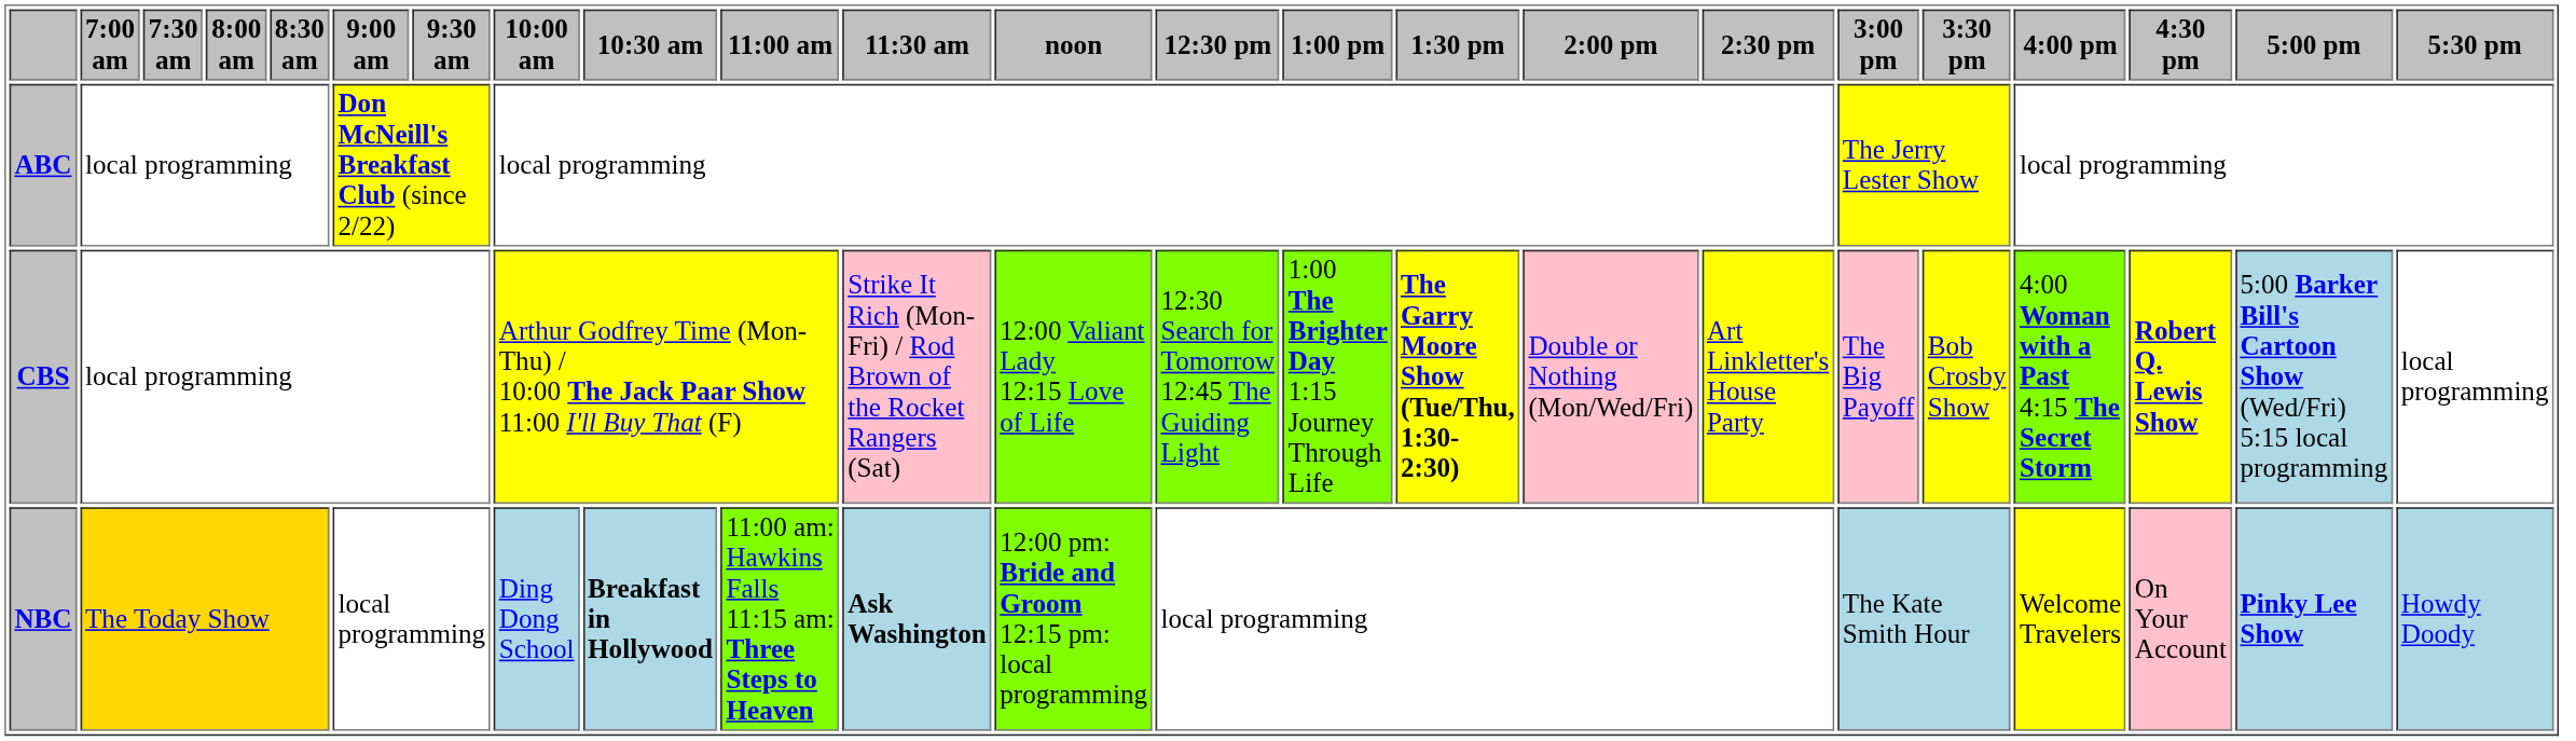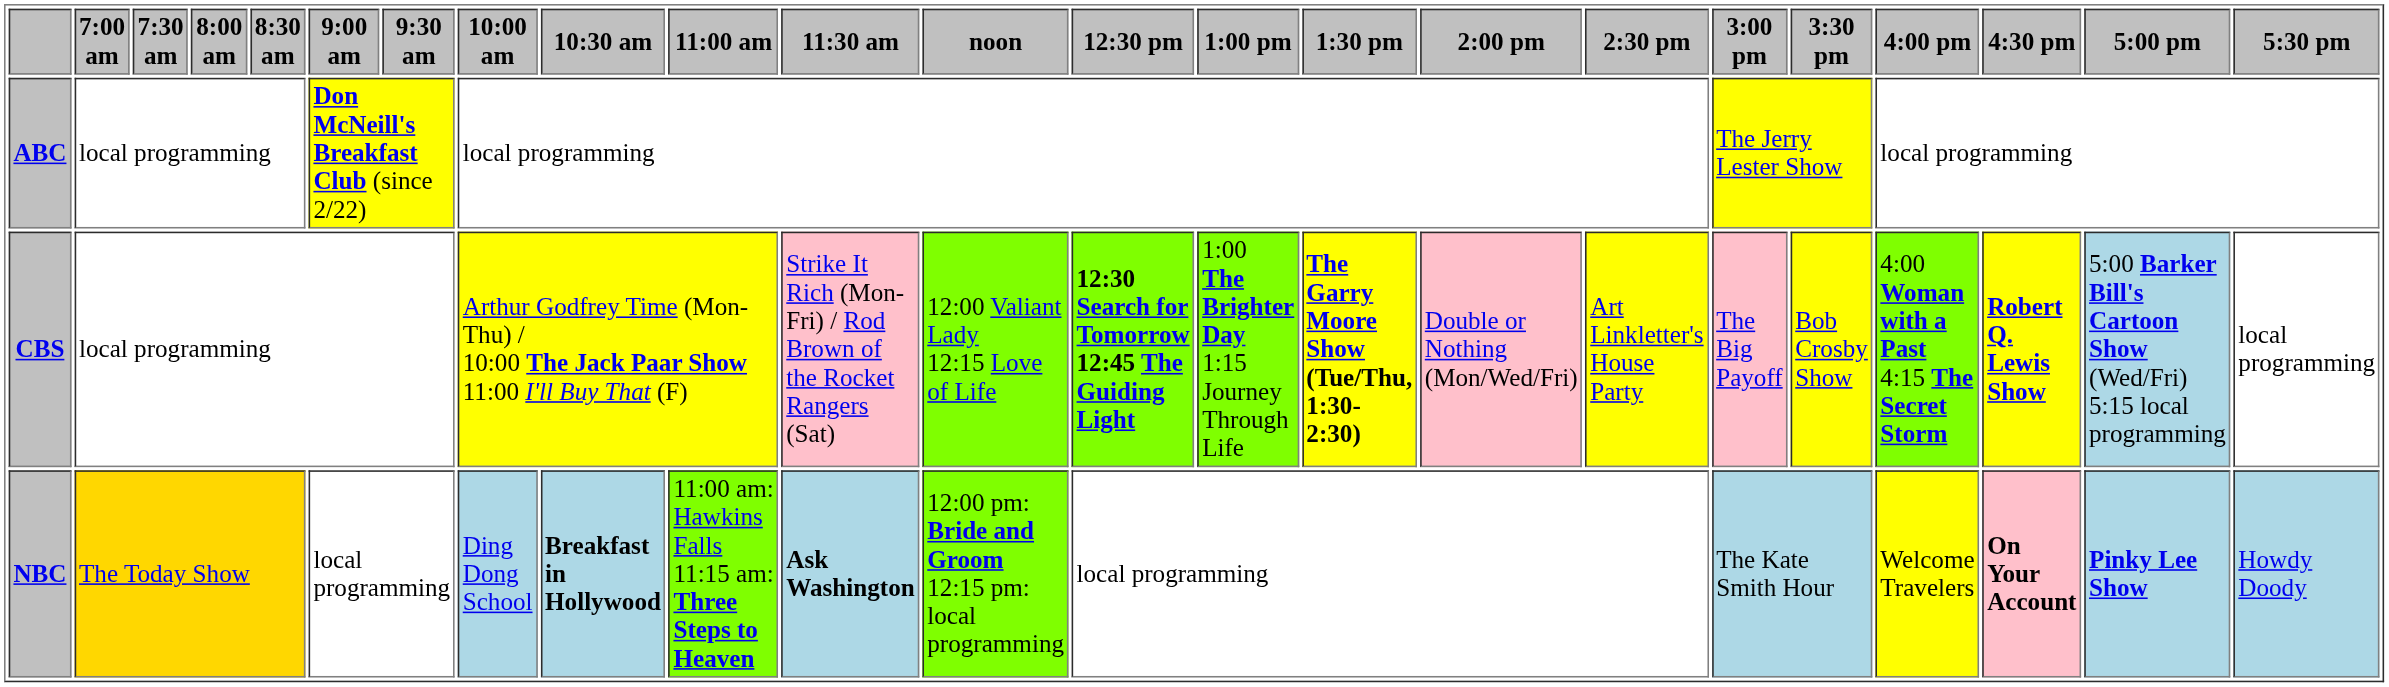 <table border="1" cellpadding="2">
 <tr>
 <th bgcolor="#C0C0C0"> </th>
 <th width="13%" bgcolor="#C0C0C0">7:00 am</th>
 <th width="14%" bgcolor="#C0C0C0">7:30 am</th>
 <th width="13%" bgcolor="#C0C0C0">8:00 am</th>
 <th width="14%" bgcolor="#C0C0C0">8:30 am</th>
 <th width="13%" bgcolor="#C0C0C0">9:00 am</th>
 <th width="14%" bgcolor="#C0C0C0">9:30 am</th>
 <th width="13%" bgcolor="#C0C0C0">10:00 am</th>
 <th width="14%" bgcolor="#C0C0C0">10:30 am</th>
 <th width="13%" bgcolor="#C0C0C0">11:00 am</th>
 <th width="14%" bgcolor="#C0C0C0">11:30 am</th>
 <th width="13%" bgcolor="#C0C0C0">noon</th>
 <th width="14%" bgcolor="#C0C0C0">12:30 pm</th>
 <th width="13%" bgcolor="#C0C0C0">1:00 pm</th>
 <th width="14%" bgcolor="#C0C0C0">1:30 pm</th>
 <th width="13%" bgcolor="#C0C0C0">2:00 pm</th>
 <th width="14%" bgcolor="#C0C0C0">2:30 pm</th>
 <th width="13%" bgcolor="#C0C0C0">3:00 pm</th>
 <th width="14%" bgcolor="#C0C0C0">3:30 pm</th>
 <th width="13%" bgcolor="#C0C0C0">4:00 pm</th>
 <th width="14%" bgcolor="#C0C0C0">4:30 pm</th>
 <th width="13%" bgcolor="#C0C0C0">5:00 pm</th>
 <th width="14%" bgcolor="#C0C0C0">5:30 pm</th>
 </tr>
 <tr>
 <th bgcolor="#C0C0C0"><a href='#'>ABC</a></th>
 <td bgcolor="white" colspan="4">local programming</td>
 <td bgcolor="yellow" colspan="2"><strong><a href='#'>Don McNeill's Breakfast Club</a></strong> (since 2/22)</td>
 <td bgcolor="white" colspan="10">local programming</td>
 <td bgcolor="yellow" colspan="2"><a href='#'>The Jerry Lester Show</a></td>
 <td bgcolor="white" colspan="4">local programming</td>
 </tr>
 <tr>
 <th bgcolor="#C0C0C0"><a href='#'>CBS</a></th>
 <td bgcolor="white" colspan="6">local programming</td>
 <td bgcolor="yellow" colspan="3"><a href='#'>Arthur Godfrey Time</a> (Mon-Thu) /<br>10:00 <strong><a href='#'>The Jack Paar Show</a></strong> 11:00 <em><a href='#'>I'll Buy That</a></em> (F)</td>
 <td bgcolor="pink"><a href='#'>Strike It Rich</a> (Mon-Fri) / <a href='#'>Rod Brown of the Rocket Rangers</a> (Sat)</td>
 <td bgcolor="chartreuse">12:00 <a href='#'>Valiant Lady</a><br>12:15 <a href='#'>Love of Life</a></td>
-<td bgcolor="chartreuse">12:30 <a href='#'>Search for Tomorrow</a><br>12:45 <a href='#'>The Guiding Light</a></td>
+<td bgcolor="chartreuse"><strong>12:30 <a href='#'>Search for Tomorrow</a><br>12:45 <a href='#'>The Guiding Light</a></strong></td>
 <td bgcolor="chartreuse">1:00 <strong><a href='#'>The Brighter Day</a></strong><br>1:15 Journey Through Life</td>
 <td bgcolor="yellow"><strong><a href='#'>The Garry Moore Show</a> (Tue/Thu, 1:30-2:30)</strong></td>
 <td bgcolor="pink"><a href='#'>Double or Nothing</a> (Mon/Wed/Fri)</td>
 <td bgcolor="yellow"><a href='#'>Art Linkletter's House Party</a></td>
 <td bgcolor="pink"><a href='#'>The Big Payoff</a></td>
 <td bgcolor="yellow"><a href='#'>Bob Crosby Show</a></td>
 <td bgcolor="chartreuse">4:00 <strong><a href='#'>Woman with a Past</a></strong><br>4:15 <strong><a href='#'>The Secret Storm</a></strong></td>
 <td bgcolor="yellow"><strong><a href='#'>Robert Q. Lewis Show</a></strong></td>
 <td bgcolor="lightblue">5:00 <strong><a href='#'>Barker Bill's Cartoon Show</a></strong> (Wed/Fri)<br>5:15 local programming</td>
 <td bgcolor="white">local programming</td>
 </tr>
 <tr>
 <th bgcolor="#C0C0C0"><a href='#'>NBC</a></th>
 <td bgcolor="gold" colspan="4"><a href='#'>The Today Show</a></td>
 <td bgcolor="white" colspan="2">local programming</td>
 <td bgcolor="lightblue"><a href='#'>Ding Dong School</a></td>
 <td bgcolor="lightblue"><strong>Breakfast in Hollywood</strong></td>
 <td bgcolor="chartreuse">11:00 am: <a href='#'>Hawkins Falls</a><br>11:15 am: <strong><a href='#'>Three Steps to Heaven</a></strong></td>
 <td bgcolor="lightblue"><strong>Ask Washington</strong></td>
 <td bgcolor="chartreuse" colspan="1">12:00 pm: <strong><a href='#'>Bride and Groom</a></strong><br>12:15 pm: local programming</td>
 <td bgcolor="white" colspan="5">local programming</td>
 <td bgcolor="lightblue" colspan="2">The Kate Smith Hour</td>
 <td bgcolor="yellow">Welcome Travelers</td>
-<td bgcolor="pink">On Your Account</td>
+<td bgcolor="pink"><strong>On Your Account</strong></td>
 <td bgcolor="lightblue"><strong><a href='#'>Pinky Lee Show</a></strong></td>
 <td bgcolor="lightblue"><a href='#'>Howdy Doody</a></td>
 </tr>
 </table>
